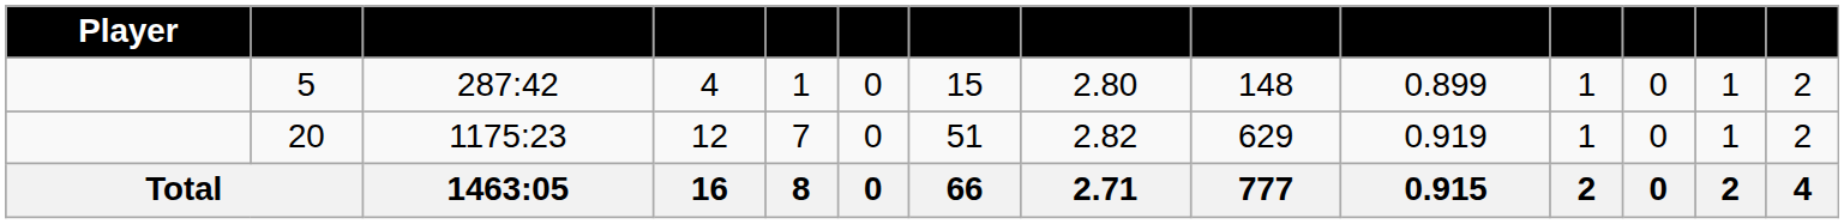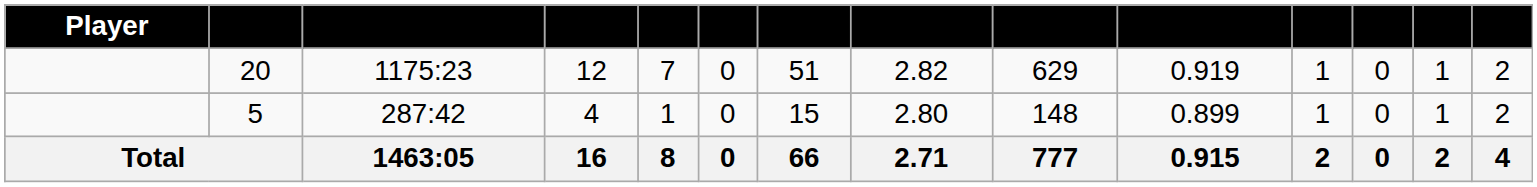 <table class="wikitable sortable" style="width:100%; text-align:center;">
 <tr>
 <th style="color:white; background:#000000; ">Player</th>
 <th style="color:white; background:#000000; "></th>
 <th style="color:white; background:#000000; "></th>
 <th style="color:white; background:#000000; "></th>
 <th style="color:white; background:#000000; "></th>
 <th style="color:white; background:#000000; "></th>
 <th style="color:white; background:#000000; "></th>
 <th style="color:white; background:#000000; "></th>
 <th style="color:white; background:#000000; "></th>
 <th style="color:white; background:#000000; "></th>
 <th style="color:white; background:#000000; "></th>
 <th style="color:white; background:#000000; "></th>
 <th style="color:white; background:#000000; "></th>
 <th style="color:white; background:#000000; "></th>
 </tr>
 <tr>
 <td></td>
+<td>20</td>
+<td>1175:23</td>
+<td>12</td>
+<td>7</td>
+<td>0</td>
+<td>51</td>
+<td>2.82</td>
+<td>629</td>
+<td>0.919</td>
+<td>1</td>
+<td>0</td>
+<td>1</td>
+<td>2</td>
+</tr>
+<tr>
+<td></td>
 <td>5</td>
 <td>287:42</td>
 <td>4</td>
 <td>1</td>
 <td>0</td>
 <td>15</td>
 <td>2.80</td>
 <td>148</td>
 <td>0.899</td>
-<td>1</td>
-<td>0</td>
-<td>1</td>
-<td>2</td>
-</tr>
-<tr>
-<td></td>
-<td>20</td>
-<td>1175:23</td>
-<td>12</td>
-<td>7</td>
-<td>0</td>
-<td>51</td>
-<td>2.82</td>
-<td>629</td>
-<td>0.919</td>
 <td>1</td>
 <td>0</td>
 <td>1</td>
 <td>2</td>
 </tr>
 <tr class="sortbotom">
 <th colspan=2>Total</th>
 <th>1463:05</th>
 <th>16</th>
 <th>8</th>
 <th>0</th>
 <th>66</th>
 <th>2.71</th>
 <th>777</th>
 <th>0.915</th>
 <th>2</th>
 <th>0</th>
 <th>2</th>
 <th>4</th>
 </tr>
 </table>
